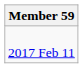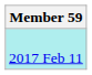 <table class=wikitable align=right>
 <tr>
 <th>Member 59</th>
 </tr>
 <tr>
-<td><br><a href='#'>2017 Feb 11</a></td>
+<td style="background: paleturquoise;"><br><a href='#'>2017 Feb 11</a></td>
 </tr>
 </table>
